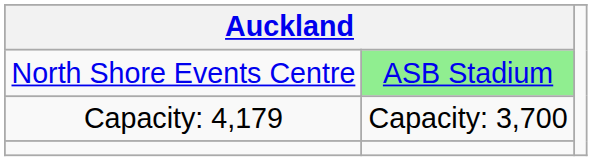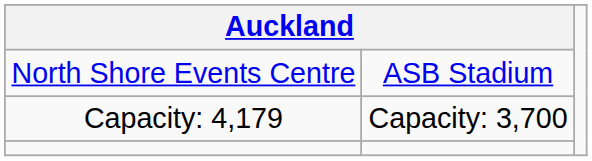 <table class="wikitable" style="text-align:center;">
 <tr>
 <th colspan=2><a href='#'>Auckland</a></th>
 <td rowspan="4"><br></td>
 </tr>
 <tr>
 <td><a href='#'>North Shore Events Centre</a></td>
-<td style="background: lightgreen;"><a href='#'>ASB Stadium</a></td>
+<td><a href='#'>ASB Stadium</a></td>
 </tr>
 <tr>
 <td>Capacity: 4,179</td>
 <td>Capacity: 3,700</td>
 </tr>
 <tr>
 <td></td>
 <td></td>
 </tr>
 </table>
